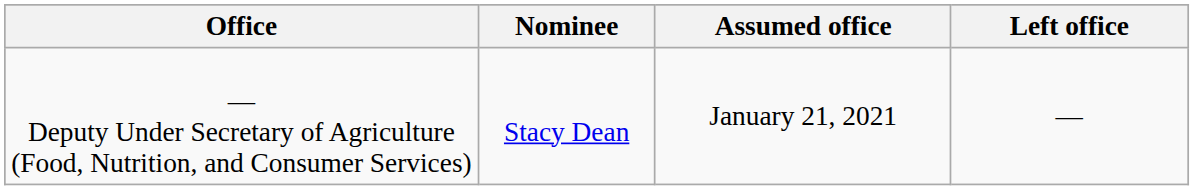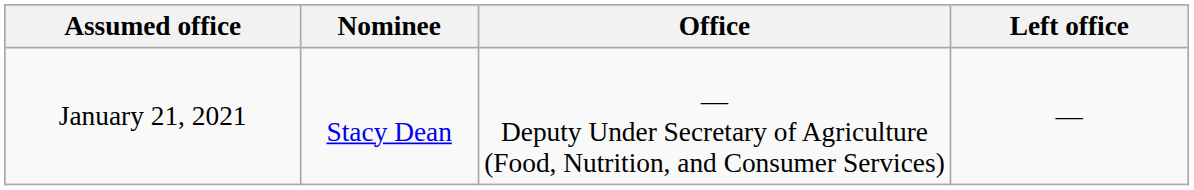 <table class="wikitable sortable" style="text-align:center">
 <tr>
+<th style="width:25%;" data-sort-type="date">Assumed office</th>
+<th style="width:15%;">Nominee</th>
 <th style="width:40%;">Office</th>
-<th style="width:15%;">Nominee</th>
-<th style="width:25%;" data-sort-type="date">Assumed office</th>
 <th style="width:20%;" data-sort-type="date">Left office</th>
 </tr>
 <tr>
+<td>January 21, 2021</td>
+<td><br><a href='#'>Stacy Dean</a></td>
 <td><br>—<br>Deputy Under Secretary of Agriculture<br>(Food, Nutrition, and Consumer Services)</td>
-<td><br><a href='#'>Stacy Dean</a></td>
-<td>January 21, 2021</td>
 <td>—</td>
 </tr>
 </table>
